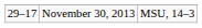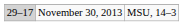 <table class="wikitable">
 <tr align="center">
 </tr>
 <tr align="center">
-<td>29–17</td>
+<td style="background: lightgrey;">29–17</td>
 <td>November 30, 2013</td>
 <td>MSU, 14–3</td>
 </tr>
 </table>
